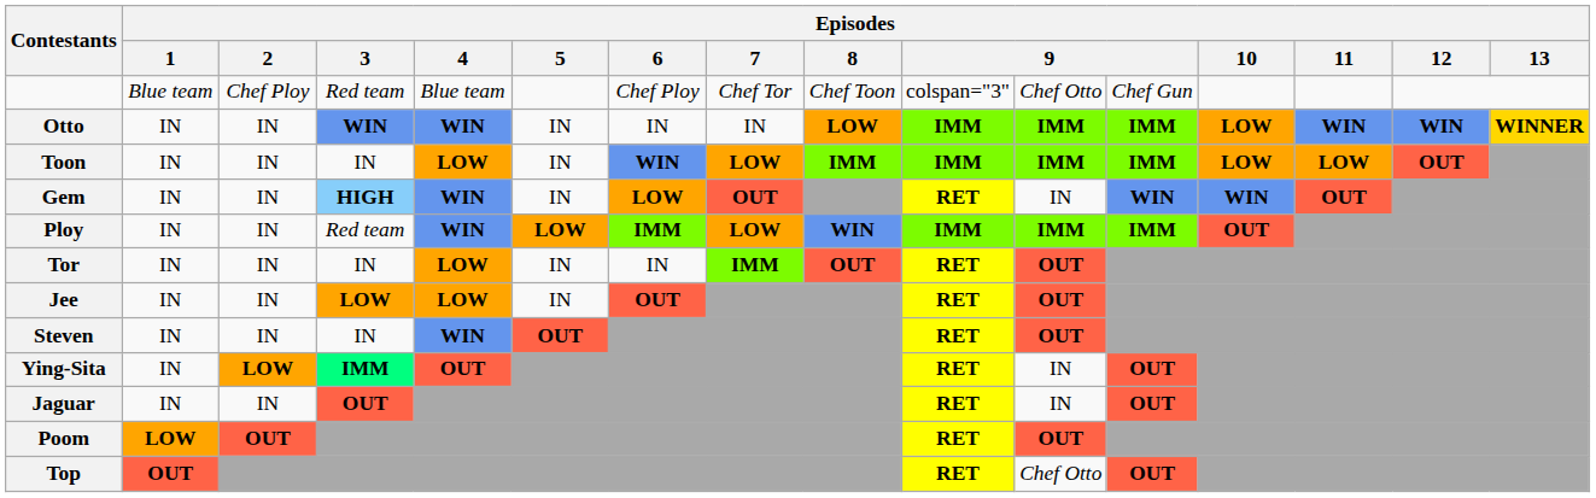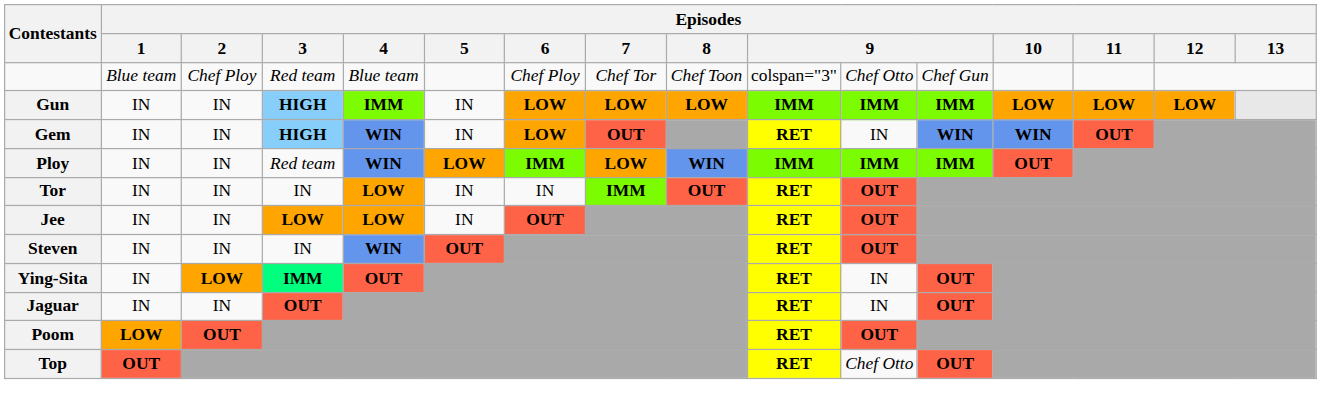 <table class="wikitable" style="text-align:center; font-size:90%">
 <tr>
 <th rowspan=2 width="60">Contestants</th>
 <th colspan="15">Episodes</th>
 </tr>
 <tr>
 <th style="width:60px;">1</th>
 <th style="width:60px;">2</th>
 <th style="width:60px;">3</th>
 <th ! style="width:60px;">4</th>
 <th ! style="width:60px;">5</th>
 <th ! style="width:60px;">6</th>
 <th ! style="width:60px;">7</th>
 <th ! style="width:60px;">8</th>
 <th style="width:60px;" colspan="3">9</th>
 <th ! style="width:60px;">10</th>
 <th ! style="width:60px;">11</th>
 <th ! style="width:60px;">12</th>
 <th ! style="width:60px;">13</th>
 </tr>
 <tr>
 <td></td>
 <td><em>Blue team</em></td>
 <td><em>Chef Ploy</em></td>
 <td><em>Red team</em></td>
 <td><em>Blue team</em></td>
 <td></td>
 <td><em>Chef Ploy</em></td>
 <td><em>Chef Tor</em></td>
 <td><em>Chef Toon</em></td>
 <td>colspan="3"  </td>
 <td><em>Chef Otto</em></td>
 <td><em>Chef Gun</em></td>
 <td></td>
 <td></td>
 </tr>
 <tr>
-<th>Otto</th>
+<th>Gun</th>
 <td>IN</td>
 <td>IN</td>
-<td style="background:cornflowerblue"><strong>WIN</strong></td>
-<td style="background:cornflowerblue"><strong>WIN</strong></td>
+<td style="background:lightskyblue"><strong>HIGH</strong></td>
+<td style="background:lawngreen"><strong>IMM</strong></td>
 <td>IN</td>
-<td>IN</td>
-<td>IN</td>
+<td style="background:orange"><strong>LOW</strong></td>
+<td style="background:orange"><strong>LOW</strong></td>
 <td style="background:orange"><strong>LOW</strong></td>
 <td style="background:lawngreen"><strong>IMM</strong></td>
 <td style="background:lawngreen"><strong>IMM</strong></td>
 <td style="background:lawngreen"><strong>IMM</strong></td>
 <td style="background:orange"><strong>LOW</strong></td>
-<td style="background:cornflowerblue"><strong>WIN</strong></td>
-<td style="background:cornflowerblue"><strong>WIN</strong></td>
-<td style="background:gold"><strong>WINNER</strong></td>
-</tr>
-<tr>
-<th>Toon</th>
-<td>IN</td>
-<td>IN</td>
-<td>IN</td>
-<td style="background:orange"><strong>LOW</strong></td>
-<td>IN</td>
-<td style="background:cornflowerblue"><strong>WIN</strong></td>
-<td style="background:orange"><strong>LOW</strong></td>
-<td style="background:lawngreen"><strong>IMM</strong></td>
-<td style="background:lawngreen"><strong>IMM</strong></td>
-<td style="background:lawngreen"><strong>IMM</strong></td>
-<td style="background:lawngreen"><strong>IMM</strong></td>
 <td style="background:orange"><strong>LOW</strong></td>
 <td style="background:orange"><strong>LOW</strong></td>
-<td style="background:tomato"><strong>OUT</strong></td>
-<td style="background:darkgrey"></td>
+<td style="background:#e8e8e8"><strong></strong></td>
 </tr>
 <tr>
 <th>Gem</th>
 <td>IN</td>
 <td>IN</td>
 <td style="background:lightskyblue"><strong>HIGH</strong></td>
 <td style="background:cornflowerblue"><strong>WIN</strong></td>
 <td>IN</td>
 <td style="background:orange"><strong>LOW</strong></td>
 <td style="background:tomato"><strong>OUT</strong></td>
 <td style="background:darkgrey" colspan="1"></td>
 <td style="background:yellow"><strong>RET</strong></td>
 <td>IN</td>
 <td style="background:cornflowerblue"><strong>WIN</strong></td>
 <td style="background:cornflowerblue"><strong>WIN</strong></td>
 <td style="background:tomato"><strong>OUT</strong></td>
 <td colspan="2" style="background:darkgrey"></td>
 </tr>
 <tr>
 <th>Ploy</th>
 <td>IN</td>
 <td>IN</td>
 <td><em>Red team</em></td>
 <td style="background:cornflowerblue"><strong>WIN</strong></td>
 <td style="background:orange"><strong>LOW</strong></td>
 <td style="background:lawngreen"><strong>IMM</strong></td>
 <td style="background:orange"><strong>LOW</strong></td>
 <td style="background:cornflowerblue"><strong>WIN</strong></td>
 <td style="background:lawngreen"><strong>IMM</strong></td>
 <td style="background:lawngreen"><strong>IMM</strong></td>
 <td style="background:lawngreen"><strong>IMM</strong></td>
 <td style="background:tomato"><strong>OUT</strong></td>
 <td colspan="3" style="background:darkgrey"></td>
 </tr>
 <tr>
 <th>Tor</th>
 <td>IN</td>
 <td>IN</td>
 <td>IN</td>
 <td style="background:orange"><strong>LOW</strong></td>
 <td>IN</td>
 <td>IN</td>
 <td style="background:lawngreen"><strong>IMM</strong></td>
 <td style="background:tomato"><strong>OUT</strong></td>
 <td style="background:yellow"><strong>RET</strong></td>
 <td style="background:tomato"><strong>OUT</strong></td>
 <td colspan="5" style="background:darkgrey"></td>
 </tr>
 <tr>
 <th>Jee</th>
 <td>IN</td>
 <td>IN</td>
 <td style="background:orange"><strong>LOW</strong></td>
 <td style="background:orange"><strong>LOW</strong></td>
 <td>IN</td>
 <td style="background:tomato"><strong>OUT</strong></td>
 <td style="background:darkgrey" colspan="2"></td>
 <td style="background:yellow"><strong>RET</strong></td>
 <td style="background:tomato"><strong>OUT</strong></td>
 <td colspan="5" style="background:darkgrey"></td>
 </tr>
 <tr>
 <th>Steven</th>
 <td>IN</td>
 <td>IN</td>
 <td>IN</td>
 <td style="background:cornflowerblue"><strong>WIN</strong></td>
 <td style="background:tomato"><strong>OUT</strong></td>
 <td style="background:darkgrey" colspan="3"></td>
 <td style="background:yellow"><strong>RET</strong></td>
 <td style="background:tomato"><strong>OUT</strong></td>
 <td colspan="5" style="background:darkgrey"></td>
 </tr>
 <tr>
 <th>Ying-Sita</th>
 <td>IN</td>
 <td style="background:orange"><strong>LOW</strong></td>
 <td style="background:springgreen"><strong>IMM</strong></td>
 <td style="background:tomato"><strong>OUT</strong></td>
 <td style="background:darkgrey" colspan="4"></td>
 <td style="background:yellow"><strong>RET</strong></td>
 <td>IN</td>
 <td style="background:tomato"><strong>OUT</strong></td>
 <td colspan="4" style="background:darkgrey"></td>
 </tr>
 <tr>
 <th>Jaguar</th>
 <td>IN</td>
 <td>IN</td>
 <td style="background:tomato"><strong>OUT</strong></td>
 <td style="background:darkgrey" colspan="5"></td>
 <td style="background:yellow"><strong>RET</strong></td>
 <td>IN</td>
 <td style="background:tomato"><strong>OUT</strong></td>
 <td colspan="4" style="background:darkgrey"></td>
 </tr>
 <tr>
 <th>Poom</th>
 <td style="background:orange"><strong>LOW</strong></td>
 <td style="background:tomato"><strong>OUT</strong></td>
 <td style="background:darkgrey" colspan="6"></td>
 <td style="background:yellow"><strong>RET</strong></td>
 <td style="background:tomato"><strong>OUT</strong></td>
 <td colspan="5" style="background:darkgrey"></td>
 </tr>
 <tr>
 <th>Top</th>
 <td style="background:tomato"><strong>OUT</strong></td>
 <td style="background:darkgrey" colspan="7"></td>
 <td style="background:yellow"><strong>RET</strong></td>
 <td><em>Chef Otto</em></td>
 <td style="background:tomato"><strong>OUT</strong></td>
 <td colspan="4" style="background:darkgrey"></td>
 </tr>
 </table>
